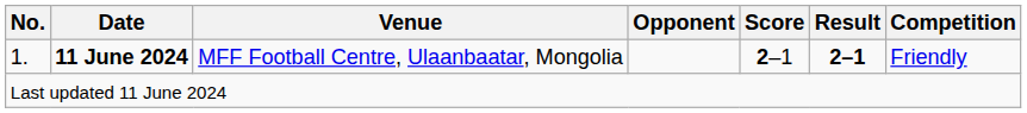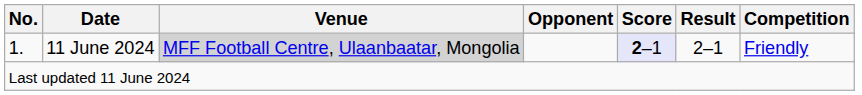 <table class="wikitable" style="font-size:95%">
 <tr>
 <th>No.</th>
 <th>Date</th>
 <th>Venue</th>
 <th>Opponent</th>
 <th>Score</th>
 <th>Result</th>
 <th>Competition</th>
 </tr>
 <tr>
 <td>1.</td>
-<td><strong>11 June 2024</strong></td>
-<td><a href='#'>MFF Football Centre</a>, <a href='#'>Ulaanbaatar</a>, Mongolia</td>
+<td>11 June 2024</td>
+<td style="background: lightgrey;"><a href='#'>MFF Football Centre</a>, <a href='#'>Ulaanbaatar</a>, Mongolia</td>
 <td></td>
-<td style="text-align:center;"><strong>2</strong>–1</td>
-<td style="text-align:center;"><strong>2–1</strong></td>
+<td style="background: lavender; text-align:center;"><strong>2</strong>–1</td>
+<td style="text-align:center;">2–1</td>
 <td><a href='#'>Friendly</a></td>
 </tr>
 <tr>
 <td colspan="7"><small>Last updated 11 June 2024</small></td>
 </tr>
 </table>
